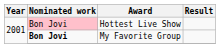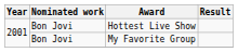 <table class="wikitable">
 <tr>
 <th>Year</th>
 <th>Nominated work</th>
 <th>Award</th>
 <th>Result</th>
 </tr>
 <tr>
 <td style="text-align:center;" rowspan="3">2001</td>
-<td style="background: pink;">Bon Jovi</td>
+<td>Bon Jovi</td>
 <td>Hottest Live Show</td>
 <td></td>
 </tr>
 <tr>
-<td><strong>Bon Jovi</strong></td>
+<td>Bon Jovi</td>
 <td>My Favorite Group</td>
 <td></td>
 </tr>
 <tr>
 </tr>
 </table>
